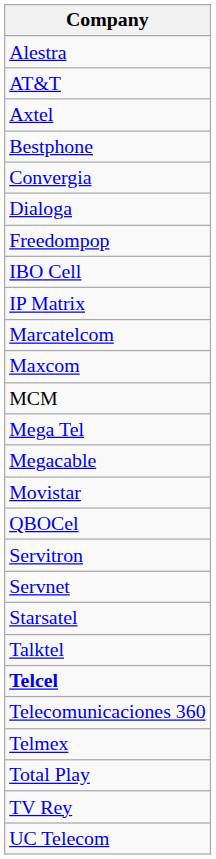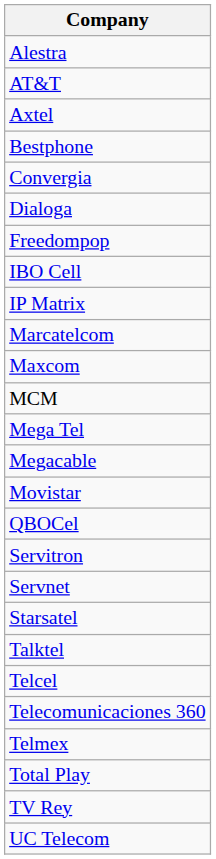 <table class="wikitable">
 <tr>
 <th>Company</th>
 </tr>
 <tr>
 <td><a href='#'>Alestra</a></td>
 </tr>
 <tr>
 <td><a href='#'>AT&T</a></td>
 </tr>
 <tr>
 <td><a href='#'>Axtel</a></td>
 </tr>
 <tr>
 <td><a href='#'>Bestphone</a></td>
 </tr>
 <tr>
 <td><a href='#'>Convergia</a></td>
 </tr>
 <tr>
 <td><a href='#'>Dialoga</a></td>
 </tr>
 <tr>
 <td><a href='#'>Freedompop</a></td>
 </tr>
 <tr>
 <td><a href='#'>IBO Cell</a></td>
 </tr>
 <tr>
 <td><a href='#'>IP Matrix</a></td>
 </tr>
 <tr>
 <td><a href='#'>Marcatelcom</a></td>
 </tr>
 <tr>
 <td><a href='#'>Maxcom</a></td>
 </tr>
 <tr>
 <td>MCM</td>
 </tr>
 <tr>
 <td><a href='#'>Mega Tel</a></td>
 </tr>
 <tr>
 <td><a href='#'>Megacable</a></td>
 </tr>
 <tr>
 <td><a href='#'>Movistar</a></td>
 </tr>
 <tr>
 <td><a href='#'>QBOCel</a></td>
 </tr>
 <tr>
 <td><a href='#'>Servitron</a></td>
 </tr>
 <tr>
 <td><a href='#'>Servnet</a></td>
 </tr>
 <tr>
 <td><a href='#'>Starsatel</a></td>
 </tr>
 <tr>
 <td><a href='#'>Talktel</a></td>
 </tr>
 <tr>
-<td><strong><a href='#'>Telcel</a></strong></td>
+<td><a href='#'>Telcel</a></td>
 </tr>
 <tr>
 <td><a href='#'>Telecomunicaciones 360</a></td>
 </tr>
 <tr>
 <td><a href='#'>Telmex</a></td>
 </tr>
 <tr>
 <td><a href='#'>Total Play</a></td>
 </tr>
 <tr>
 <td><a href='#'>TV Rey</a></td>
 </tr>
 <tr>
 <td><a href='#'>UC Telecom</a></td>
 </tr>
 </table>
